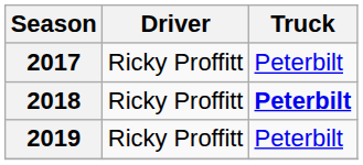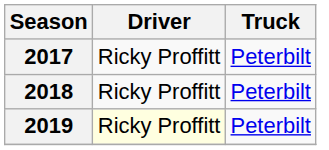 <table class="wikitable">
 <tr>
 <th>Season</th>
 <th>Driver</th>
 <th>Truck</th>
 </tr>
 <tr>
 <th>2017</th>
 <td> Ricky Proffitt</td>
 <td><a href='#'>Peterbilt</a></td>
 </tr>
 <tr>
 <th>2018</th>
 <td> Ricky Proffitt</td>
-<td><strong><a href='#'>Peterbilt</a></strong></td>
+<td><a href='#'>Peterbilt</a></td>
 </tr>
 <tr>
 <th>2019</th>
-<td> Ricky Proffitt</td>
+<td style="background: lightyellow;"> Ricky Proffitt</td>
 <td><a href='#'>Peterbilt</a></td>
 </tr>
 <tr>
 </tr>
 </table>
